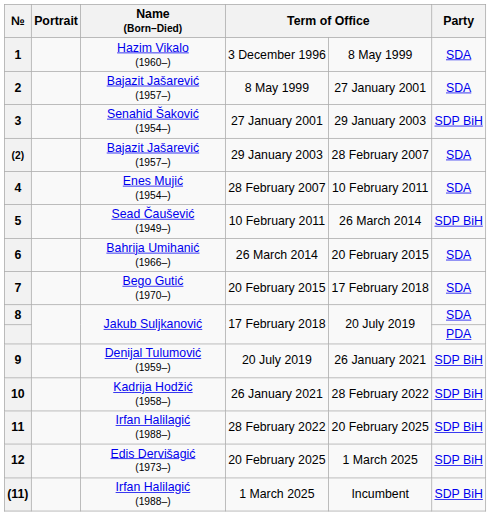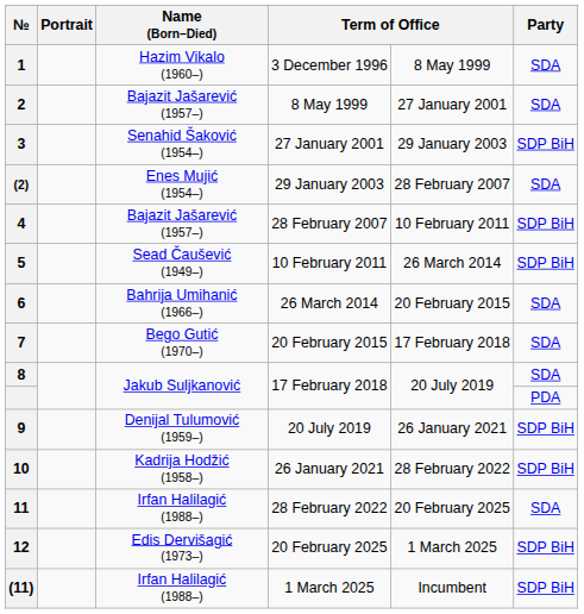 <table class="wikitable" style="text-align:center">
 <tr ->
 <th>№</th>
 <th>Portrait</th>
 <th width=180>Name<br><small>(Born–Died)</small></th>
 <th colspan=2>Term of Office</th>
 <th>Party</th>
 </tr>
 <tr ->
 <th style="background:">1</th>
 <td></td>
 <td><a href='#'>Hazim Vikalo</a><br><small>(1960–)</small></td>
 <td>3 December 1996</td>
 <td>8 May 1999</td>
 <td><a href='#'>SDA</a></td>
 </tr>
 <tr ->
 <th style="background:">2</th>
 <td></td>
 <td><a href='#'>Bajazit Jašarević</a><br><small>(1957–)</small></td>
 <td>8 May 1999</td>
 <td>27 January 2001</td>
 <td><a href='#'>SDA</a></td>
 </tr>
 <tr ->
 <th style="background:">3</th>
 <td></td>
 <td><a href='#'>Senahid Šaković</a><br><small>(1954–)</small></td>
 <td>27 January 2001</td>
 <td>29 January 2003</td>
 <td><a href='#'>SDP BiH</a></td>
 </tr>
 <tr ->
 <th style="background:"><small>(2)</small></th>
 <td></td>
-<td><a href='#'>Bajazit Jašarević</a><br><small>(1957–)</small></td>
+<td><a href='#'>Enes Mujić</a><br><small>(1954–)</small></td>
 <td>29 January 2003</td>
 <td>28 February 2007</td>
 <td><a href='#'>SDA</a></td>
 </tr>
 <tr ->
 <th style="background:">4</th>
 <td></td>
-<td><a href='#'>Enes Mujić</a><br><small>(1954–)</small></td>
+<td><a href='#'>Bajazit Jašarević</a><br><small>(1957–)</small></td>
 <td>28 February 2007</td>
 <td>10 February 2011</td>
-<td><a href='#'>SDA</a></td>
+<td><a href='#'>SDP BiH</a></td>
 </tr>
 <tr ->
 <th style="background:">5</th>
 <td></td>
 <td><a href='#'>Sead Čaušević</a><br><small>(1949–)</small></td>
 <td>10 February 2011</td>
 <td>26 March 2014</td>
 <td><a href='#'>SDP BiH</a></td>
 </tr>
 <tr ->
 <th style="background:">6</th>
 <td></td>
 <td><a href='#'>Bahrija Umihanić</a><br><small>(1966–)</small></td>
 <td>26 March 2014</td>
 <td>20 February 2015</td>
 <td><a href='#'>SDA</a></td>
 </tr>
 <tr ->
 <th style="background:">7</th>
 <td></td>
 <td><a href='#'>Bego Gutić</a><br><small>(1970–)</small></td>
 <td>20 February 2015</td>
 <td>17 February 2018</td>
 <td><a href='#'>SDA</a></td>
 </tr>
 <tr ->
 <th style="background:">8</th>
 <td rowspan="2"></td>
 <td rowspan="2"><a href='#'>Jakub Suljkanović</a><br></td>
 <td rowspan="2">17 February 2018</td>
 <td rowspan="2">20 July 2019</td>
 <td><a href='#'>SDA</a><br></td>
 </tr>
 <tr ->
 <th style="background:"></th>
 <td><a href='#'>PDA</a><br></td>
 </tr>
 <tr ->
 <th style="background:">9</th>
 <td></td>
 <td><a href='#'>Denijal Tulumović</a><br><small>(1959–)</small></td>
 <td>20 July 2019</td>
 <td>26 January 2021</td>
 <td><a href='#'>SDP BiH</a></td>
 </tr>
 <tr ->
 <th style="background:">10</th>
 <td></td>
 <td><a href='#'>Kadrija Hodžić</a><br><small>(1958–)</small></td>
 <td>26 January 2021</td>
 <td>28 February 2022</td>
 <td><a href='#'>SDP BiH</a></td>
 </tr>
 <tr ->
 <th style="background:">11</th>
 <td></td>
 <td><a href='#'>Irfan Halilagić</a><br><small>(1988–)</small></td>
 <td>28 February 2022</td>
 <td>20 February 2025</td>
-<td><a href='#'>SDP BiH</a></td>
+<td><a href='#'>SDA</a></td>
 </tr>
 <tr ->
 <th style="background:">12</th>
 <td></td>
 <td><a href='#'>Edis Dervišagić</a><br><small>(1973–)</small></td>
 <td>20 February 2025</td>
 <td>1 March 2025</td>
 <td><a href='#'>SDP BiH</a></td>
 </tr>
 <tr ->
 <th style="background:">(11)</th>
 <td></td>
 <td><a href='#'>Irfan Halilagić</a><br><small>(1988–)</small></td>
 <td>1 March 2025</td>
 <td>Incumbent</td>
 <td><a href='#'>SDP BiH</a></td>
 </tr>
 </table>
